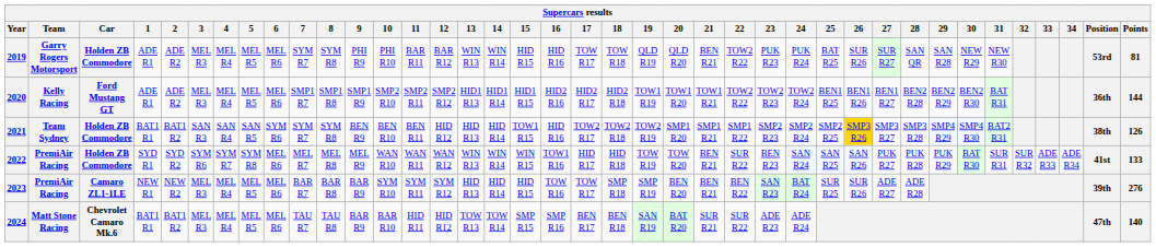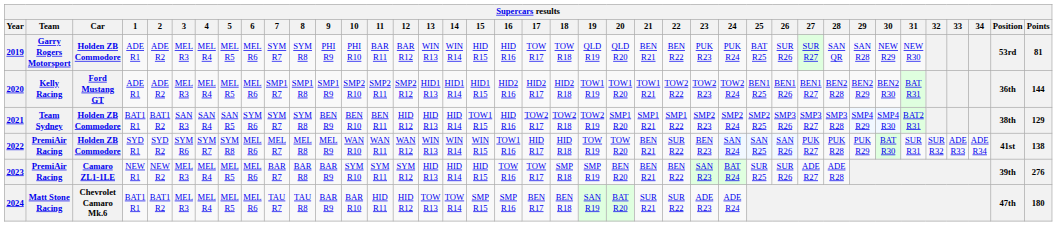 <table class="wikitable" style="text-align:center; font-size:75%">
 <tr>
 <th colspan=45><a href='#'>Supercars</a> results</th>
 </tr>
 <tr>
 <th>Year</th>
 <th>Team</th>
 <th>Car</th>
 <th>1</th>
 <th>2</th>
 <th>3</th>
 <th>4</th>
 <th>5</th>
 <th>6</th>
 <th>7</th>
 <th>8</th>
 <th>9</th>
 <th>10</th>
 <th>11</th>
 <th>12</th>
 <th>13</th>
 <th>14</th>
 <th>15</th>
 <th>16</th>
 <th>17</th>
 <th>18</th>
 <th>19</th>
 <th>20</th>
 <th>21</th>
 <th>22</th>
 <th>23</th>
 <th>24</th>
 <th>25</th>
 <th>26</th>
 <th>27</th>
 <th>28</th>
 <th>29</th>
 <th>30</th>
 <th>31</th>
 <th>32</th>
 <th>33</th>
 <th>34</th>
 <th>Position</th>
 <th>Points</th>
 </tr>
 <tr>
 <th><a href='#'>2019</a></th>
 <th><a href='#'>Garry Rogers Motorsport</a></th>
 <th><a href='#'>Holden ZB Commodore</a></th>
 <td><a href='#'>ADE<br>R1</a></td>
 <td><a href='#'>ADE<br>R2</a></td>
 <td><a href='#'>MEL<br>R3</a></td>
 <td><a href='#'>MEL<br>R4</a></td>
 <td><a href='#'>MEL<br>R5</a></td>
 <td><a href='#'>MEL<br>R6</a></td>
 <td><a href='#'>SYM<br>R7</a></td>
 <td><a href='#'>SYM<br>R8</a></td>
 <td><a href='#'>PHI<br>R9</a></td>
 <td><a href='#'>PHI<br>R10</a></td>
 <td><a href='#'>BAR<br>R11</a></td>
 <td><a href='#'>BAR<br>R12</a></td>
 <td><a href='#'>WIN<br>R13</a></td>
 <td><a href='#'>WIN<br>R14</a></td>
 <td><a href='#'>HID<br>R15</a></td>
 <td><a href='#'>HID<br>R16</a></td>
 <td><a href='#'>TOW<br>R17</a></td>
 <td><a href='#'>TOW<br>R18</a></td>
 <td><a href='#'>QLD<br>R19</a></td>
 <td><a href='#'>QLD<br>R20</a></td>
 <td><a href='#'>BEN<br>R21</a></td>
-<td><a href='#'>TOW2<br>R22</a></td>
+<td><a href='#'>BEN<br>R22</a></td>
 <td><a href='#'>PUK<br>R23</a></td>
 <td><a href='#'>PUK<br>R24</a></td>
 <td><a href='#'>BAT<br>R25</a></td>
 <td><a href='#'>SUR<br>R26</a></td>
 <td style="background: #dfffdf"><a href='#'>SUR<br>R27</a><br></td>
 <td><a href='#'>SAN<br>QR</a></td>
 <td><a href='#'>SAN<br>R28</a></td>
 <td><a href='#'>NEW<br>R29</a></td>
 <td><a href='#'>NEW<br>R30</a></td>
 <th></th>
 <th></th>
 <th></th>
 <th>53rd</th>
 <th>81</th>
 </tr>
 <tr>
 <th><a href='#'>2020</a></th>
 <th><a href='#'>Kelly Racing</a></th>
 <th><a href='#'>Ford Mustang GT</a></th>
 <td><a href='#'>ADE<br>R1</a></td>
 <td><a href='#'>ADE<br>R2</a></td>
 <td><a href='#'>MEL<br>R3</a></td>
 <td><a href='#'>MEL<br>R4</a></td>
 <td><a href='#'>MEL<br>R5</a></td>
 <td><a href='#'>MEL<br>R6</a></td>
 <td><a href='#'>SMP1<br>R7</a></td>
 <td><a href='#'>SMP1<br>R8</a></td>
 <td><a href='#'>SMP1<br>R9</a></td>
 <td><a href='#'>SMP2<br>R10</a></td>
 <td><a href='#'>SMP2<br>R11</a></td>
 <td><a href='#'>SMP2<br>R12</a></td>
 <td><a href='#'>HID1<br>R13</a></td>
 <td><a href='#'>HID1<br>R14</a></td>
 <td><a href='#'>HID1<br>R15</a></td>
 <td><a href='#'>HID2<br>R16</a></td>
 <td><a href='#'>HID2<br>R17</a></td>
 <td><a href='#'>HID2<br>R18</a></td>
 <td><a href='#'>TOW1<br>R19</a></td>
 <td><a href='#'>TOW1<br>R20</a></td>
 <td><a href='#'>TOW1<br>R21</a></td>
 <td><a href='#'>TOW2<br>R22</a></td>
 <td><a href='#'>TOW2<br>R23</a></td>
 <td><a href='#'>TOW2<br>R24</a></td>
 <td><a href='#'>BEN1<br>R25</a></td>
 <td><a href='#'>BEN1<br>R26</a></td>
 <td><a href='#'>BEN1<br>R27</a></td>
 <td><a href='#'>BEN2<br>R28</a></td>
 <td><a href='#'>BEN2<br>R29</a></td>
 <td><a href='#'>BEN2<br>R30</a></td>
 <td style="background: #dfffdf"><a href='#'>BAT<br>R31</a><br></td>
 <th></th>
 <th></th>
 <th></th>
 <th>36th</th>
 <th>144</th>
 </tr>
 <tr>
 <th><a href='#'>2021</a></th>
 <th><a href='#'>Team Sydney</a></th>
 <th><a href='#'>Holden ZB Commodore</a></th>
 <td><a href='#'>BAT1<br>R1</a><br></td>
 <td><a href='#'>BAT1<br>R2</a><br></td>
 <td><a href='#'>SAN<br>R3</a><br></td>
 <td><a href='#'>SAN<br>R4</a><br></td>
 <td><a href='#'>SAN<br>R5</a><br></td>
 <td><a href='#'>SYM<br>R6</a><br></td>
 <td><a href='#'>SYM<br>R7</a><br></td>
 <td><a href='#'>SYM<br>R8</a><br></td>
 <td><a href='#'>BEN<br>R9</a><br></td>
 <td><a href='#'>BEN<br>R10</a><br></td>
 <td><a href='#'>BEN<br>R11</a><br></td>
 <td><a href='#'>HID<br>R12</a><br></td>
 <td><a href='#'>HID<br>R13</a><br></td>
 <td><a href='#'>HID<br>R14</a><br></td>
 <td><a href='#'>TOW1<br>R15</a><br></td>
 <td><a href='#'>HID<br>R16</a></td>
 <td><a href='#'>TOW2<br>R17</a><br></td>
 <td><a href='#'>TOW2<br>R18</a><br></td>
 <td><a href='#'>TOW2<br>R19</a><br></td>
 <td><a href='#'>SMP1<br>R20</a><br></td>
 <td><a href='#'>SMP1<br>R21</a><br></td>
 <td><a href='#'>SMP1<br>R22</a><br></td>
 <td><a href='#'>SMP2<br>R23</a><br></td>
 <td><a href='#'>SMP2<br>R24</a><br></td>
 <td><a href='#'>SMP2<br>R25</a><br></td>
-<td style="background: gold;"><a href='#'>SMP3<br>R26</a><br></td>
+<td><a href='#'>SMP3<br>R26</a><br></td>
 <td><a href='#'>SMP3<br>R27</a><br></td>
 <td><a href='#'>SMP3<br>R28</a><br></td>
 <td style="background: #f1f8ff"><a href='#'>SMP4<br>R29</a><br></td>
 <td style="background: #f1f8ff"><a href='#'>SMP4<br>R30</a><br></td>
 <td style="background: #dfffdf"><a href='#'>BAT2<br>R31</a><br></td>
 <th></th>
 <th></th>
 <th></th>
 <th>38th</th>
-<th>126</th>
+<th>129</th>
 </tr>
 <tr>
 <th><a href='#'>2022</a></th>
 <th><a href='#'>PremiAir Racing</a></th>
 <th><a href='#'>Holden ZB Commodore</a></th>
 <td><a href='#'>SYD<br>R1</a></td>
 <td><a href='#'>SYD<br>R2</a></td>
 <td><a href='#'>SYM<br>R6</a></td>
 <td><a href='#'>SYM<br>R7</a></td>
 <td><a href='#'>SYM<br>R8</a></td>
 <td><a href='#'>MEL<br>R6</a></td>
 <td><a href='#'>MEL<br>R7</a></td>
 <td><a href='#'>MEL<br>R8</a></td>
 <td><a href='#'>MEL<br>R9</a></td>
 <td><a href='#'>WAN<br>R10</a></td>
 <td><a href='#'>WAN<br>R11</a></td>
 <td><a href='#'>WAN<br>R12</a></td>
 <td><a href='#'>WIN<br>R13</a></td>
 <td><a href='#'>WIN<br>R14</a></td>
 <td><a href='#'>WIN<br>R15</a></td>
 <td><a href='#'>TOW1<br>R16</a><br></td>
 <td><a href='#'>HID<br>R17</a></td>
 <td><a href='#'>HID<br>R18</a></td>
 <td><a href='#'>TOW<br>R19</a></td>
 <td><a href='#'>TOW<br>R20</a></td>
 <td><a href='#'>BEN<br>R21</a></td>
 <td><a href='#'>SUR<br>R22</a></td>
 <td><a href='#'>BEN<br>R23</a></td>
 <td style="background: #f1f8ff"><a href='#'>SAN<br>R24</a><br></td>
 <td style="background: #f1f8ff"><a href='#'>SAN<br>R25</a><br></td>
 <td style="background: #f1f8ff"><a href='#'>SAN<br>R26</a><br></td>
 <td><a href='#'>PUK<br>R27</a></td>
 <td><a href='#'>PUK<br>R28</a></td>
 <td><a href='#'>PUK<br>R29</a></td>
 <td style="background: #dfffdf"><a href='#'>BAT<br>R30</a><br></td>
 <td><a href='#'>SUR<br>R31</a></td>
 <td><a href='#'>SUR<br>R32</a></td>
 <td><a href='#'>ADE<br>R33</a></td>
 <td><a href='#'>ADE<br>R34</a></td>
 <th>41st</th>
-<th>133</th>
+<th>138</th>
 </tr>
 <tr>
 <th><a href='#'>2023</a></th>
 <th><a href='#'>PremiAir Racing</a></th>
 <th><a href='#'>Camaro ZL1-1LE</a></th>
 <td><a href='#'>NEW<br>R1</a></td>
 <td><a href='#'>NEW<br>R2</a></td>
 <td><a href='#'>MEL<br>R3</a></td>
 <td><a href='#'>MEL<br>R4</a></td>
 <td><a href='#'>MEL<br>R5</a></td>
 <td><a href='#'>MEL<br>R6</a></td>
 <td><a href='#'>BAR<br>R7</a></td>
 <td><a href='#'>BAR<br>R8</a></td>
 <td><a href='#'>BAR<br>R9</a></td>
 <td><a href='#'>SYM<br>R10</a></td>
 <td><a href='#'>SYM<br>R11</a></td>
 <td><a href='#'>SYM<br>R12</a></td>
 <td><a href='#'>HID<br>R13</a></td>
 <td><a href='#'>HID<br>R14</a></td>
 <td><a href='#'>HID<br>R15</a></td>
 <td><a href='#'>TOW<br>R16</a></td>
 <td><a href='#'>TOW<br>R17</a></td>
 <td><a href='#'>SMP<br>R18</a></td>
 <td><a href='#'>SMP<br>R19</a></td>
 <td><a href='#'>BEN<br>R20</a></td>
 <td><a href='#'>BEN<br>R21</a></td>
 <td><a href='#'>BEN<br>R22</a></td>
 <td style=background:#dfffdf><a href='#'>SAN<br>R23</a><br></td>
 <td style=background:#dfffdf><a href='#'>BAT<br>R24</a><br></td>
 <td><a href='#'>SUR<br>R25</a></td>
 <td><a href='#'>SUR<br>R26</a></td>
 <td><a href='#'>ADE<br>R27</a></td>
 <td><a href='#'>ADE<br>R28</a></td>
 <th colspan=6></th>
 <th>39th</th>
 <th>276</th>
 </tr>
 <tr>
 <th><a href='#'>2024</a></th>
 <th><a href='#'>Matt Stone Racing</a></th>
 <th>Chevrolet Camaro Mk.6</th>
 <td><a href='#'>BAT1<br>R1</a></td>
 <td><a href='#'>BAT1<br>R2</a></td>
 <td><a href='#'>MEL<br>R3</a></td>
 <td><a href='#'>MEL<br>R4</a></td>
 <td><a href='#'>MEL<br>R5</a></td>
 <td><a href='#'>MEL<br>R6</a></td>
 <td><a href='#'>TAU<br>R7</a></td>
 <td><a href='#'>TAU<br>R8</a></td>
 <td><a href='#'>BAR<br>R9</a></td>
 <td><a href='#'>BAR<br>R10</a></td>
 <td><a href='#'>HID<br>R11</a></td>
 <td><a href='#'>HID<br>R12</a></td>
 <td><a href='#'>TOW<br>R13</a></td>
 <td><a href='#'>TOW<br>R14</a></td>
 <td><a href='#'>SMP<br>R15</a></td>
 <td><a href='#'>SMP<br>R16</a></td>
 <td><a href='#'>BEN<br>R17</a></td>
 <td><a href='#'>BEN<br>R18</a></td>
 <td style=background:#dfffdf><a href='#'>SAN<br>R19</a><br></td>
 <td style=background:#dfffdf><a href='#'>BAT<br>R20</a><br></td>
 <td><a href='#'>SUR<br>R21</a></td>
 <td><a href='#'>SUR<br>R22</a></td>
 <td><a href='#'>ADE<br>R23</a></td>
 <td><a href='#'>ADE<br>R24</a></td>
 <th colspan=10></th>
 <th>47th</th>
-<th>140</th>
+<th>180</th>
 </tr>
 </table>
